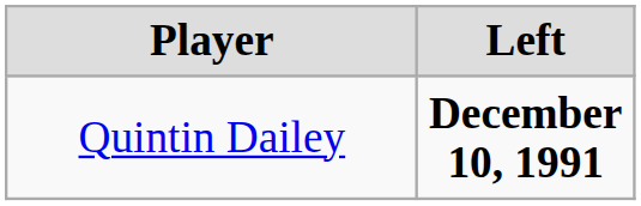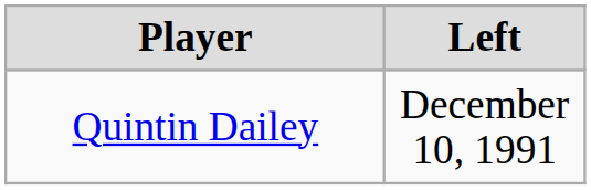 <table class="wikitable" style="text-align: center">
 <tr align="center"  bgcolor="#dddddd">
 <td style="width:140px"><strong>Player</strong></td>
 <td style="width:70px"><strong>Left</strong></td>
 </tr>
 <tr style="height:40px">
 <td><a href='#'>Quintin Dailey</a></td>
-<td><strong>December 10, 1991</strong></td>
+<td>December 10, 1991</td>
 </tr>
 </table>
